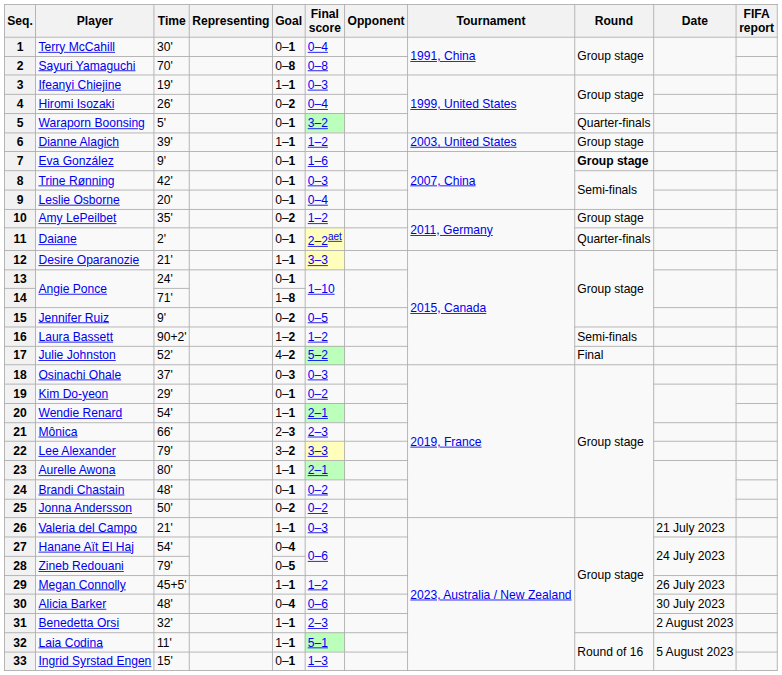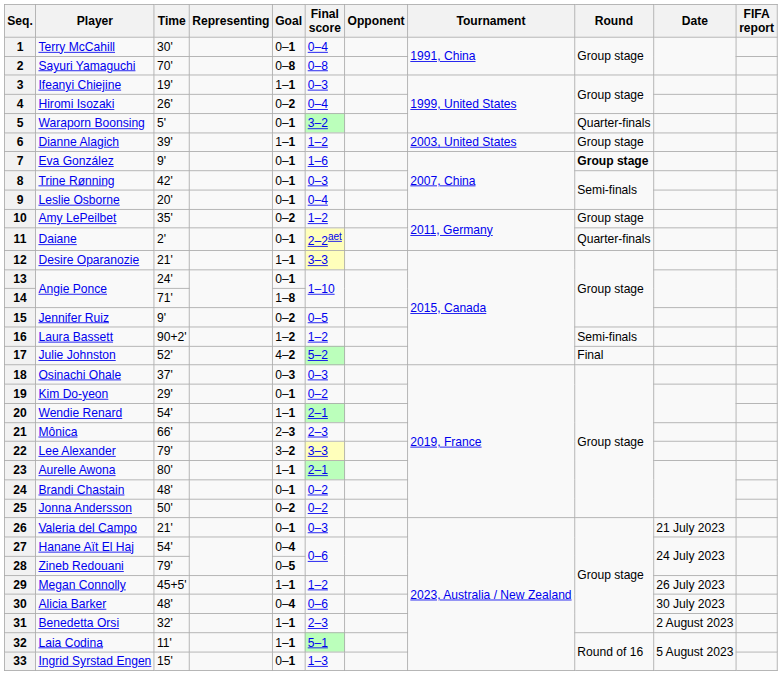 <table class="wikitable sortable" style="font-size:90%;">
 <tr>
 <th>Seq.</th>
 <th>Player</th>
 <th data-sort-type="number">Time</th>
 <th>Representing</th>
 <th class="unsortable">Goal</th>
 <th class="unsortable">Final<br>score</th>
 <th>Opponent</th>
 <th>Tournament</th>
 <th>Round</th>
 <th>Date</th>
 <th class="unsortable">FIFA<br>report</th>
 </tr>
 <tr>
 <th>1</th>
 <td data-sort-value="Mccahill, Terry"><a href='#'>Terry McCahill</a></td>
 <td>30'</td>
 <td></td>
 <td>0–<strong>1</strong></td>
 <td><a href='#'>0–4</a></td>
 <td></td>
 <td rowspan=2><a href='#'>1991, China</a></td>
 <td rowspan=2>Group stage</td>
 <td rowspan=2></td>
 <td></td>
 </tr>
 <tr>
 <th>2</th>
 <td data-sort-value="Yamaguchi, Sayuri"><a href='#'>Sayuri Yamaguchi</a></td>
 <td>70'</td>
 <td></td>
 <td>0–<strong>8</strong></td>
 <td><a href='#'>0–8</a></td>
 <td></td>
 <td></td>
 </tr>
 <tr>
 <th>3</th>
 <td data-sort-value="Chiejine, Ifeanyi"><a href='#'>Ifeanyi Chiejine</a></td>
 <td>19'</td>
 <td></td>
 <td>1–<strong>1</strong></td>
 <td><a href='#'>0–3</a></td>
 <td></td>
 <td rowspan=3><a href='#'>1999, United States</a></td>
 <td rowspan=2>Group stage</td>
 <td></td>
 <td></td>
 </tr>
 <tr>
 <th>4</th>
 <td data-sort-value="Isozaki, Hiromi"><a href='#'>Hiromi Isozaki</a></td>
 <td>26'</td>
 <td></td>
 <td>0–<strong>2</strong></td>
 <td><a href='#'>0–4</a></td>
 <td></td>
 <td></td>
 <td></td>
 </tr>
 <tr>
 <th>5</th>
 <td data-sort-value="Boonsing, Waraporn"><a href='#'>Waraporn Boonsing</a></td>
 <td>5'</td>
 <td></td>
 <td>0–<strong>1</strong></td>
 <td style="background:#bbffbb"><a href='#'>3–2</a></td>
 <td></td>
 <td>Quarter-finals</td>
 <td></td>
 <td></td>
 </tr>
 <tr>
 <th>6</th>
 <td data-sort-value="Alagich, Dianne"><a href='#'>Dianne Alagich</a></td>
 <td>39'</td>
 <td></td>
 <td>1–<strong>1</strong></td>
 <td><a href='#'>1–2</a></td>
 <td></td>
 <td><a href='#'>2003, United States</a></td>
 <td>Group stage</td>
 <td></td>
 <td></td>
 </tr>
 <tr>
 <th>7</th>
 <td data-sort-value="González, Eva"><a href='#'>Eva González</a></td>
 <td>9'</td>
 <td></td>
 <td>0–<strong>1</strong></td>
 <td><a href='#'>1–6</a></td>
 <td></td>
 <td rowspan=3><a href='#'>2007, China</a></td>
 <td><strong>Group stage</strong></td>
 <td></td>
 <td></td>
 </tr>
 <tr>
 <th>8</th>
 <td data-sort-value="Rønning, Trine"><a href='#'>Trine Rønning</a></td>
 <td>42'</td>
 <td></td>
 <td>0–<strong>1</strong></td>
 <td><a href='#'>0–3</a></td>
 <td></td>
 <td rowspan=2>Semi-finals</td>
 <td></td>
 <td></td>
 </tr>
 <tr>
 <th>9</th>
 <td data-sort-value="Osborne, Leslie"><a href='#'>Leslie Osborne</a></td>
 <td>20'</td>
 <td></td>
 <td>0–<strong>1</strong></td>
 <td><a href='#'>0–4</a></td>
 <td></td>
 <td></td>
 <td></td>
 </tr>
 <tr>
 <th>10</th>
 <td data-sort-value="Lepeilbet, Amy"><a href='#'>Amy LePeilbet</a></td>
 <td>35'</td>
 <td></td>
 <td>0–<strong>2</strong></td>
 <td><a href='#'>1–2</a></td>
 <td></td>
 <td rowspan=2><a href='#'>2011, Germany</a></td>
 <td>Group stage</td>
 <td></td>
 <td></td>
 </tr>
 <tr>
 <th>11</th>
 <td data-sort-value="Daiane"><a href='#'>Daiane</a></td>
 <td>2'</td>
 <td></td>
 <td>0–<strong>1</strong></td>
 <td style="background:#ffffbb"><a href='#'>2–2</a><sup><a href='#'>aet</a></sup></td>
 <td></td>
 <td>Quarter-finals</td>
 <td></td>
 <td></td>
 </tr>
 <tr>
 <th>12</th>
 <td data-sort-value="Oparanozie, Desire"><a href='#'>Desire Oparanozie</a></td>
 <td>21'</td>
 <td></td>
 <td>1–<strong>1</strong></td>
 <td style="background:#ffffbb"><a href='#'>3–3</a></td>
 <td></td>
 <td rowspan=6><a href='#'>2015, Canada</a></td>
 <td rowspan=4>Group stage</td>
 <td></td>
 <td></td>
 </tr>
 <tr>
 <th>13</th>
 <td data-sort-value="Ponce, Angie" rowspan=2><a href='#'>Angie Ponce</a></td>
 <td>24'</td>
 <td rowspan=2></td>
 <td>0–<strong>1</strong></td>
 <td rowspan=2><a href='#'>1–10</a></td>
 <td rowspan=2></td>
 <td rowspan=2></td>
 <td rowspan=2></td>
 </tr>
 <tr>
 <th>14</th>
 <td>71'</td>
 <td>1–<strong>8</strong></td>
 </tr>
 <tr>
 <th>15</th>
 <td data-sort-value="Ruiz, Jennifer"><a href='#'>Jennifer Ruiz</a></td>
 <td>9'</td>
 <td></td>
 <td>0–<strong>2</strong></td>
 <td><a href='#'>0–5</a></td>
 <td></td>
 <td></td>
 <td></td>
 </tr>
 <tr>
 <th>16</th>
 <td data-sort-value="Bassett, Laura"><a href='#'>Laura Bassett</a></td>
 <td>90+2'</td>
 <td></td>
 <td>1–<strong>2</strong></td>
 <td><a href='#'>1–2</a></td>
 <td></td>
 <td>Semi-finals</td>
 <td></td>
 <td></td>
 </tr>
 <tr>
 <th>17</th>
 <td data-sort-value="Johnston, Julie"><a href='#'>Julie Johnston</a></td>
 <td>52'</td>
 <td></td>
 <td>4–<strong>2</strong></td>
 <td style="background:#bbffbb"><a href='#'>5–2</a></td>
 <td></td>
 <td>Final</td>
 <td></td>
 <td></td>
 </tr>
 <tr>
 <th>18</th>
 <td data-sort-value="Ohale, Osinachi]]"><a href='#'>Osinachi Ohale</a></td>
 <td>37'</td>
 <td></td>
 <td>0–<strong>3</strong></td>
 <td><a href='#'>0–3</a></td>
 <td></td>
 <td rowspan=8><a href='#'>2019, France</a></td>
 <td rowspan=8>Group stage</td>
 <td></td>
 <td></td>
 </tr>
 <tr>
 <th>19</th>
 <td data-sort-value="Kim, Do-yeon"><a href='#'>Kim Do-yeon</a></td>
 <td>29'</td>
 <td></td>
 <td>0–<strong>1</strong></td>
 <td><a href='#'>0–2</a></td>
 <td></td>
 <td rowspan=2></td>
 <td></td>
 </tr>
 <tr>
 <th>20</th>
 <td data-sort-value="Renard, Wendie"><a href='#'>Wendie Renard</a></td>
 <td>54'</td>
 <td></td>
 <td>1–<strong>1</strong></td>
 <td style="background:#bbffbb"><a href='#'>2–1</a></td>
 <td></td>
 <td></td>
 </tr>
 <tr>
 <th>21</th>
 <td data-sort-value="Mônica"><a href='#'>Mônica</a></td>
 <td>66'</td>
 <td></td>
 <td>2–<strong>3</strong></td>
 <td><a href='#'>2–3</a></td>
 <td></td>
 <td></td>
 <td></td>
 </tr>
 <tr>
 <th>22</th>
 <td data-sort-value="Alexander, Lee"><a href='#'>Lee Alexander</a></td>
 <td>79'</td>
 <td></td>
 <td>3–<strong>2</strong></td>
 <td style="background:#ffffbb"><a href='#'>3–3</a></td>
 <td></td>
 <td></td>
 <td></td>
 </tr>
 <tr>
 <th>23</th>
 <td data-sort-value="Awona, Aurelle"><a href='#'>Aurelle Awona</a></td>
 <td>80'</td>
 <td></td>
 <td>1–<strong>1</strong></td>
 <td style="background:#bbffbb"><a href='#'>2–1</a></td>
 <td></td>
 <td rowspan=3></td>
 <td></td>
 </tr>
 <tr>
 <th>24</th>
 <td data-sort-value="Chastain, Brandi"><a href='#'>Brandi Chastain</a></td>
 <td>48'</td>
 <td></td>
 <td>0–<strong>1</strong></td>
 <td><a href='#'>0–2</a></td>
 <td></td>
 <td></td>
 </tr>
 <tr>
 <th>25</th>
 <td data-sort-value="Andersson, Jonna"><a href='#'>Jonna Andersson</a></td>
 <td>50'</td>
 <td></td>
 <td>0–<strong>2</strong></td>
 <td><a href='#'>0–2</a></td>
 <td></td>
 <td></td>
 </tr>
 <tr>
 <th>26</th>
 <td data-sort-value="del Campo, Valeria"><a href='#'>Valeria del Campo</a></td>
 <td>21'</td>
 <td></td>
-<td>1–<strong>1</strong></td>
+<td>0–<strong>1</strong></td>
 <td><a href='#'>0–3</a></td>
 <td></td>
 <td rowspan=8><a href='#'>2023, Australia / New Zealand</a></td>
 <td rowspan=6>Group stage</td>
 <td>21 July 2023</td>
 <td></td>
 </tr>
 <tr>
 <th>27</th>
 <td data-sort-value="Aït El Haj, Hanane"><a href='#'>Hanane Aït El Haj</a></td>
 <td>54'</td>
 <td rowspan=2></td>
 <td>0–<strong>4</strong></td>
 <td rowspan=2><a href='#'>0–6</a></td>
 <td rowspan=2></td>
 <td rowspan=2>24 July 2023</td>
 <td rowspan=2></td>
 </tr>
 <tr>
 <th>28</th>
 <td data-sort-value="Redouani, Zineb"><a href='#'>Zineb Redouani</a></td>
 <td>79'</td>
 <td>0–<strong>5</strong></td>
 </tr>
 <tr>
 <th>29</th>
 <td data-sort-value="Connolly, Megan"><a href='#'>Megan Connolly</a></td>
 <td>45+5'</td>
 <td></td>
 <td>1–<strong>1</strong></td>
 <td><a href='#'>1–2</a></td>
 <td></td>
 <td>26 July 2023</td>
 <td></td>
 </tr>
 <tr>
 <th>30</th>
 <td data-sort-value="Barker, Alicia"><a href='#'>Alicia Barker</a></td>
 <td>48'</td>
 <td></td>
 <td>0–<strong>4</strong></td>
 <td><a href='#'>0–6</a></td>
 <td></td>
 <td>30 July 2023</td>
 <td></td>
 </tr>
 <tr>
 <th>31</th>
 <td data-sort-value="Orsi, Benedetta"><a href='#'>Benedetta Orsi</a></td>
 <td>32'</td>
 <td></td>
 <td>1–<strong>1</strong></td>
 <td><a href='#'>2–3</a></td>
 <td></td>
 <td>2 August 2023</td>
 <td></td>
 </tr>
 <tr>
 <th>32</th>
 <td data-sort-value="Codina, Laia"><a href='#'>Laia Codina</a></td>
 <td>11'</td>
 <td></td>
 <td>1–<strong>1</strong></td>
 <td style="background:#bbffbb"><a href='#'>5–1</a></td>
 <td></td>
 <td rowspan=2>Round of 16</td>
 <td rowspan=2>5 August 2023</td>
 <td></td>
 </tr>
 <tr>
 <th>33</th>
 <td data-sort-value="Syrstad Engen, Ingrid"><a href='#'>Ingrid Syrstad Engen</a></td>
 <td>15'</td>
 <td></td>
 <td>0–<strong>1</strong></td>
 <td><a href='#'>1–3</a></td>
 <td></td>
 <td></td>
 </tr>
 </table>
